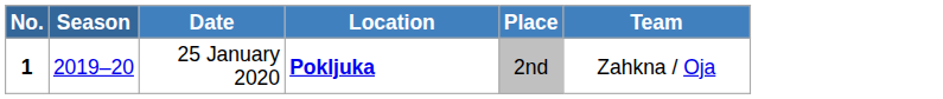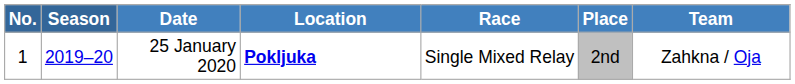 <table class="wikitable sortable" style="font-size:95%; text-align:center; border:grey solid 1px; border-collapse:collapse; background:#ffffff;">
 <tr style="background:#efefef;">
 <th style="background-color:#369; color:white;">No.</th>
 <th style="background-color:#369; color:white;">Season</th>
 <th style="background-color:#4180be; color:white; width:100px;">Date</th>
 <th style="background-color:#4180be; color:white; width:150px;">Location</th>
+<th style="background-color:#4180be; color:white; width:130px;">Race</th>
 <th style="background-color:#4180be; color:white;">Place</th>
 <th style="background-color:#4180be; color:white; width:130px;">Team</th>
 </tr>
 <tr>
-<td align=center><strong>1</strong></td>
+<td align=center>1</td>
 <td align=center><a href='#'>2019–20</a></td>
 <td align=right>25 January 2020</td>
 <td align=left><strong> <a href='#'>Pokljuka</a></strong></td>
+<td>Single Mixed Relay</td>
 <td bgcolor="silver">2nd</td>
 <td>Zahkna / <a href='#'>Oja</a></td>
 </tr>
 </table>
